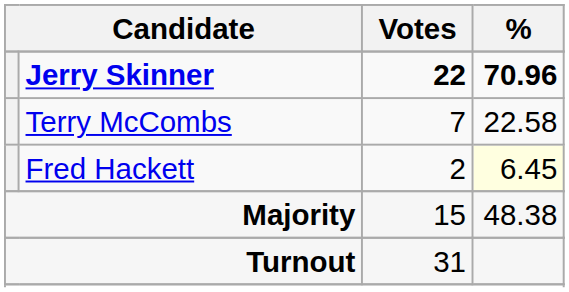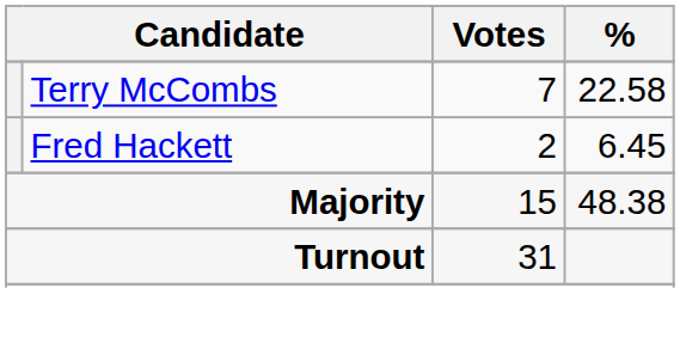 <table class="wikitable" style="font-size: 95%;">
 <tr style="background-color:#E9E9E9">
 <th colspan="2" style="width: 170px">Candidate</th>
 <th style="width: 50px">Votes</th>
 <th style="width: 40px">%</th>
 </tr>
 <tr>
-</tr>
-<tr>
-<th style="background-color: "></th>
-<td style="width: 170px"><strong><a href='#'>Jerry Skinner</a></strong></td>
-<td align="right"><strong>22</strong></td>
-<td align="right"><strong>70.96</strong></td>
 </tr>
 <tr>
 <th style="background-color: "></th>
 <td style="width: 170px"><a href='#'>Terry McCombs</a></td>
 <td align="right">7</td>
 <td align="right">22.58</td>
 </tr>
 <tr>
 <th style="background-color: "></th>
 <td style="width: 170px"><a href='#'>Fred Hackett</a></td>
 <td align="right">2</td>
-<td align="right" style="background: lightyellow;">6.45</td>
+<td align="right">6.45</td>
 </tr>
 <tr>
 </tr>
 <tr style="background-color:#F6F6F6">
 <td colspan="2" align="right"><strong>Majority</strong></td>
 <td align="right">15</td>
 <td align="right">48.38</td>
 </tr>
 <tr>
 </tr>
 <tr style="background-color:#F6F6F6">
 <td colspan="2" align="right"><strong>Turnout</strong></td>
 <td align="right">31</td>
 <td></td>
 </tr>
 <tr>
 </tr>
 <tr style="background-color:#F6F6F6">
 </tr>
 </table>
